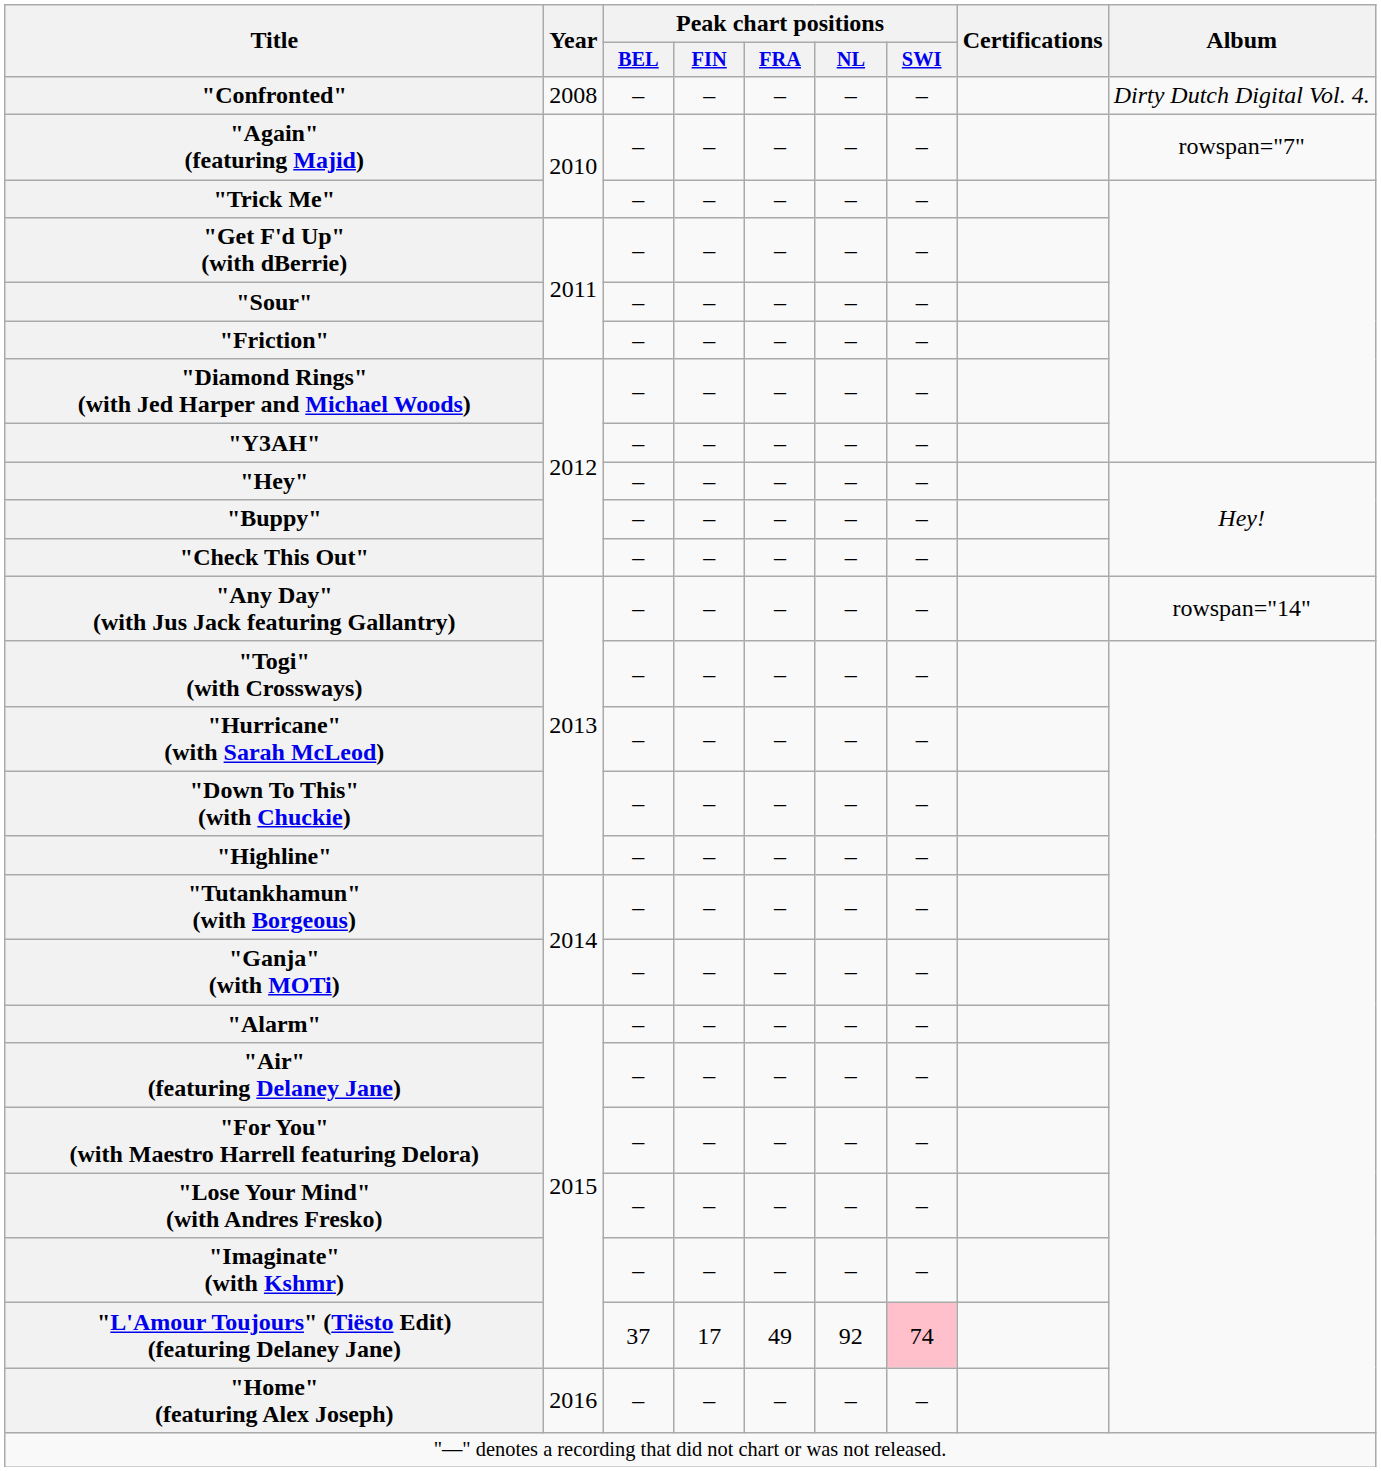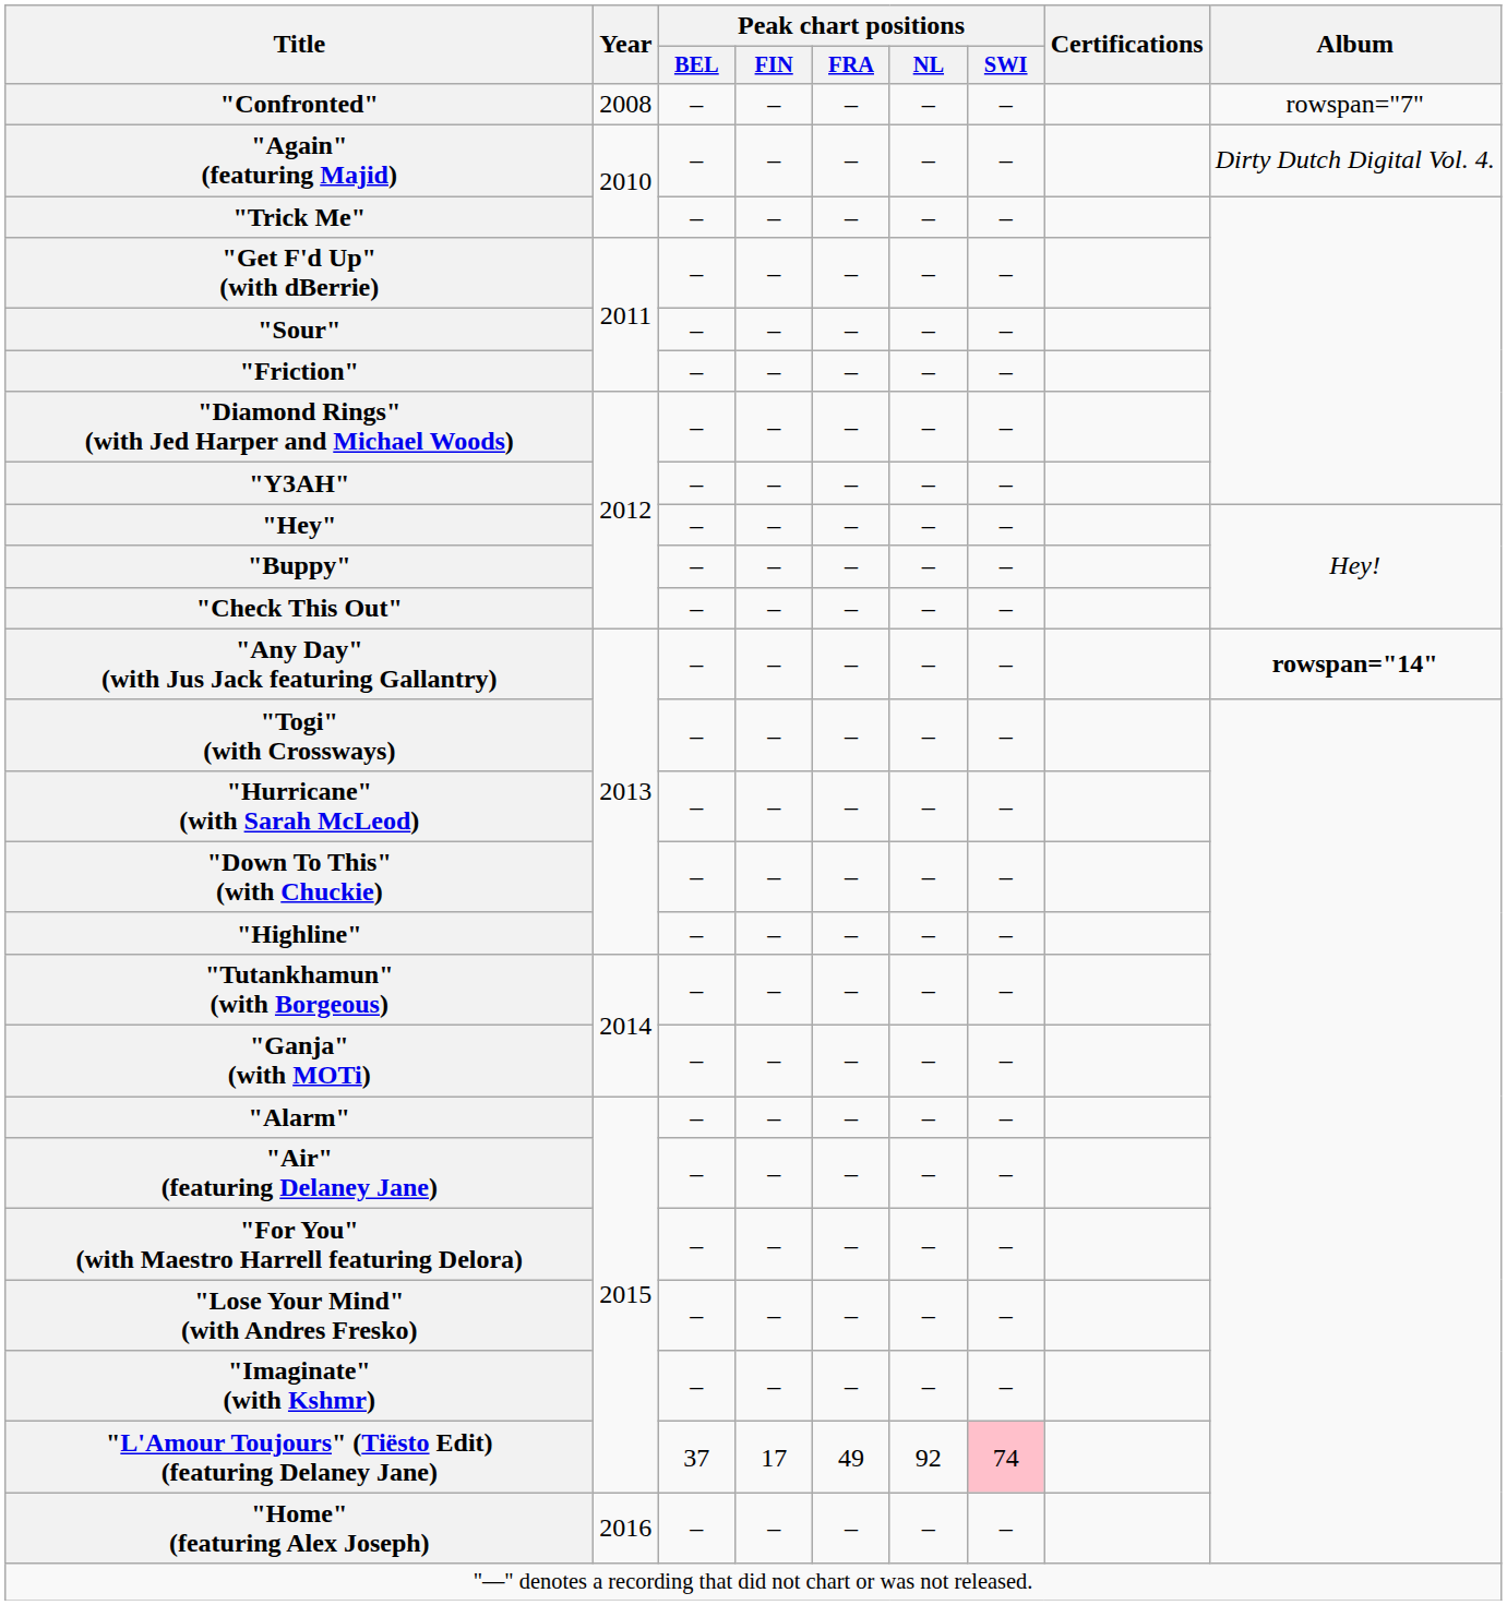 <table class="wikitable plainrowheaders" style="text-align:center;">
 <tr>
 <th scope="col" rowspan="2" style="width:22em;">Title</th>
 <th scope="col" rowspan="2" style="width:1em;">Year</th>
 <th scope="col" colspan="5">Peak chart positions</th>
 <th scope="col" rowspan="2">Certifications</th>
 <th scope="col" rowspan="2">Album</th>
 </tr>
 <tr>
 <th scope="col" style="width:3em;font-size:85%;"><a href='#'>BEL</a></th>
 <th scope="col" style="width:3em;font-size:85%;"><a href='#'>FIN</a></th>
 <th scope="col" style="width:3em;font-size:85%;"><a href='#'>FRA</a></th>
 <th scope="col" style="width:3em;font-size:85%;"><a href='#'>NL</a></th>
 <th scope="col" style="width:3em;font-size:85%;"><a href='#'>SWI</a></th>
 </tr>
 <tr |>
 <th scope="row">"Confronted"</th>
 <td>2008</td>
 <td>–</td>
 <td>–</td>
 <td>–</td>
 <td>–</td>
 <td>–</td>
 <td></td>
-<td><em>Dirty Dutch Digital Vol. 4.</em></td>
+<td>rowspan="7" </td>
 </tr>
 <tr>
 <th scope="row">"Again"<br><span>(featuring <a href='#'>Majid</a>)</span></th>
 <td rowspan="2">2010</td>
 <td>–</td>
 <td>–</td>
 <td>–</td>
 <td>–</td>
 <td>–</td>
 <td></td>
-<td>rowspan="7" </td>
+<td><em>Dirty Dutch Digital Vol. 4.</em></td>
 </tr>
 <tr>
 <th scope="row">"Trick Me"</th>
 <td>–</td>
 <td>–</td>
 <td>–</td>
 <td>–</td>
 <td>–</td>
 <td></td>
 </tr>
 <tr>
 <th scope="row">"Get F'd Up"<br><span>(with dBerrie)</span></th>
 <td rowspan="3">2011</td>
 <td>–</td>
 <td>–</td>
 <td>–</td>
 <td>–</td>
 <td>–</td>
 <td></td>
 </tr>
 <tr>
 <th scope="row">"Sour"</th>
 <td>–</td>
 <td>–</td>
 <td>–</td>
 <td>–</td>
 <td>–</td>
 <td></td>
 </tr>
 <tr>
 <th scope="row">"Friction"</th>
 <td>–</td>
 <td>–</td>
 <td>–</td>
 <td>–</td>
 <td>–</td>
 <td></td>
 </tr>
 <tr>
 <th scope="row">"Diamond Rings"<br><span>(with Jed Harper and <a href='#'>Michael Woods</a>)</span></th>
 <td rowspan="5">2012</td>
 <td>–</td>
 <td>–</td>
 <td>–</td>
 <td>–</td>
 <td>–</td>
 <td></td>
 </tr>
 <tr>
 <th scope="row">"Y3AH"</th>
 <td>–</td>
 <td>–</td>
 <td>–</td>
 <td>–</td>
 <td>–</td>
 <td></td>
 </tr>
 <tr>
 <th scope="row">"Hey"</th>
 <td>–</td>
 <td>–</td>
 <td>–</td>
 <td>–</td>
 <td>–</td>
 <td></td>
 <td rowspan="3"><em>Hey!</em></td>
 </tr>
 <tr id="Buppy">
 <th scope="row">"Buppy"</th>
 <td>–</td>
 <td>–</td>
 <td>–</td>
 <td>–</td>
 <td>–</td>
 <td></td>
 </tr>
 <tr>
 <th scope="row">"Check This Out"</th>
 <td>–</td>
 <td>–</td>
 <td>–</td>
 <td>–</td>
 <td>–</td>
 <td></td>
 </tr>
 <tr>
 <th scope="row">"Any Day"<br><span>(with Jus Jack featuring Gallantry)</span></th>
 <td rowspan="5">2013</td>
 <td>–</td>
 <td>–</td>
 <td>–</td>
 <td>–</td>
 <td>–</td>
 <td></td>
-<td>rowspan="14" </td>
+<td><strong>rowspan="14" </strong></td>
 </tr>
 <tr>
 <th scope="row">"Togi"<br><span>(with Crossways)</span></th>
 <td>–</td>
 <td>–</td>
 <td>–</td>
 <td>–</td>
 <td>–</td>
 <td></td>
 </tr>
 <tr>
 <th scope="row">"Hurricane"<br><span>(with <a href='#'>Sarah McLeod</a>)</span></th>
 <td>–</td>
 <td>–</td>
 <td>–</td>
 <td>–</td>
 <td>–</td>
 <td></td>
 </tr>
 <tr>
 <th scope="row">"Down To This"<br><span>(with <a href='#'>Chuckie</a>)</span></th>
 <td>–</td>
 <td>–</td>
 <td>–</td>
 <td>–</td>
 <td>–</td>
 <td></td>
 </tr>
 <tr>
 <th scope="row">"Highline"</th>
 <td>–</td>
 <td>–</td>
 <td>–</td>
 <td>–</td>
 <td>–</td>
 <td></td>
 </tr>
 <tr>
 <th scope="row">"Tutankhamun"<br><span>(with <a href='#'>Borgeous</a>)</span></th>
 <td rowspan="2">2014</td>
 <td>–</td>
 <td>–</td>
 <td>–</td>
 <td>–</td>
 <td>–</td>
 <td></td>
 </tr>
 <tr>
 <th scope="row">"Ganja"<br><span>(with <a href='#'>MOTi</a>)</span></th>
 <td>–</td>
 <td>–</td>
 <td>–</td>
 <td>–</td>
 <td>–</td>
 <td></td>
 </tr>
 <tr>
 <th scope="row">"Alarm"</th>
 <td rowspan="6">2015</td>
 <td>–</td>
 <td>–</td>
 <td>–</td>
 <td>–</td>
 <td>–</td>
 <td></td>
 </tr>
 <tr>
 <th scope="row">"Air"<br><span>(featuring <a href='#'>Delaney Jane</a>)</span></th>
 <td>–</td>
 <td>–</td>
 <td>–</td>
 <td>–</td>
 <td>–</td>
 <td></td>
 </tr>
 <tr>
 <th scope="row">"For You"<br><span>(with Maestro Harrell featuring Delora)</span></th>
 <td>–</td>
 <td>–</td>
 <td>–</td>
 <td>–</td>
 <td>–</td>
 <td></td>
 </tr>
 <tr>
 <th scope="row">"Lose Your Mind"<br><span>(with Andres Fresko)</span></th>
 <td>–</td>
 <td>–</td>
 <td>–</td>
 <td>–</td>
 <td>–</td>
 <td></td>
 </tr>
 <tr>
 <th scope="row">"Imaginate"<br><span>(with <a href='#'>Kshmr</a>)</span></th>
 <td>–</td>
 <td>–</td>
 <td>–</td>
 <td>–</td>
 <td>–</td>
 <td></td>
 </tr>
 <tr>
 <th scope="row">"<a href='#'>L'Amour Toujours</a>" <span>(<a href='#'>Tiësto</a> Edit)</span> <br><span>(featuring Delaney Jane)</span></th>
 <td>37<br></td>
 <td>17<br></td>
 <td>49<br></td>
 <td>92<br></td>
 <td style="background: pink;">74<br></td>
 <td></td>
 </tr>
 <tr>
 <th scope="row">"Home"<br><span>(featuring Alex Joseph)</span></th>
 <td>2016</td>
 <td>–</td>
 <td>–</td>
 <td>–</td>
 <td>–</td>
 <td>–</td>
 <td></td>
 </tr>
 <tr>
 <td colspan="9" style="font-size:85%">"—" denotes a recording that did not chart or was not released.</td>
 </tr>
 </table>
